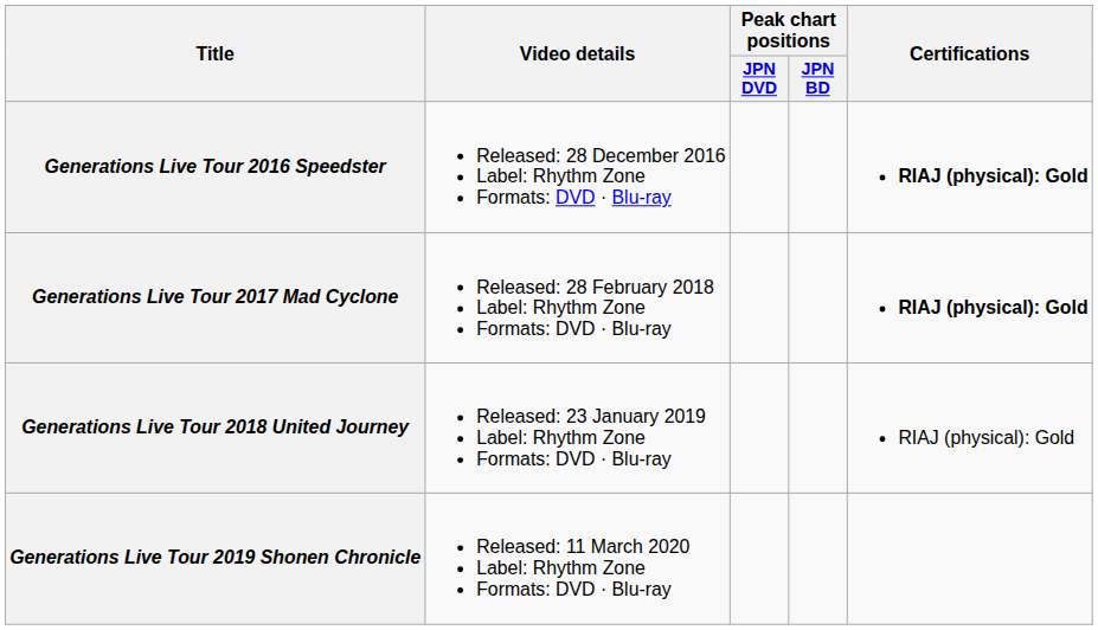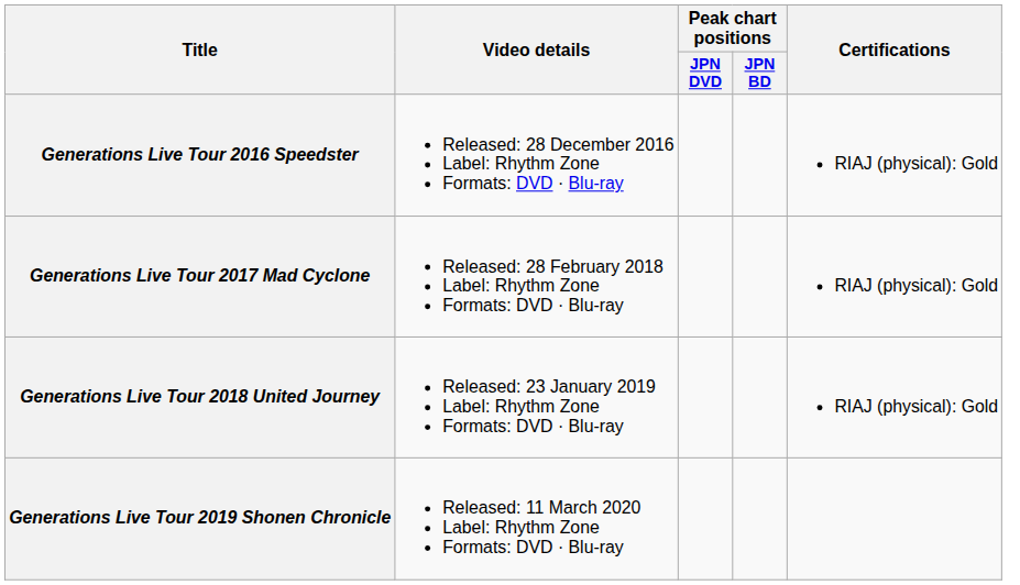 <table class="wikitable plainrowheaders">
 <tr>
 <th scope="col" rowspan="2">Title</th>
 <th scope="col" rowspan="2">Video details</th>
 <th scope="col" colspan="2">Peak chart positions<br></th>
 <th scope="col" rowspan="2">Certifications</th>
 </tr>
 <tr>
 <th scope="col" style="width:3em;font-size:90%;"><a href='#'>JPN DVD</a></th>
 <th scope="col" style="width:3em;font-size:90%;"><a href='#'>JPN BD</a></th>
 </tr>
 <tr>
 <th scope="row"><em>Generations Live Tour 2016 Speedster</em></th>
 <td><br><ul><li>Released: 28 December 2016</li><li>Label: Rhythm Zone</li><li>Formats: <a href='#'>DVD</a> · <a href='#'>Blu-ray</a></li></ul></td>
 <td></td>
 <td></td>
-<td><strong><br><ul><li>RIAJ <span>(physical)</span>: Gold</li></ul></strong></td>
+<td><br><ul><li>RIAJ <span>(physical)</span>: Gold</li></ul></td>
 </tr>
 <tr>
 <th scope="row"><em>Generations Live Tour 2017 Mad Cyclone</em></th>
 <td><br><ul><li>Released: 28 February 2018</li><li>Label: Rhythm Zone</li><li>Formats: DVD · Blu-ray</li></ul></td>
 <td></td>
 <td></td>
-<td><strong><br><ul><li>RIAJ <span>(physical)</span>: Gold</li></ul></strong></td>
+<td><br><ul><li>RIAJ <span>(physical)</span>: Gold</li></ul></td>
 </tr>
 <tr>
 <th scope="row"><em>Generations Live Tour 2018 United Journey</em></th>
 <td><br><ul><li>Released: 23 January 2019</li><li>Label: Rhythm Zone</li><li>Formats: DVD · Blu-ray</li></ul></td>
 <td></td>
 <td></td>
 <td><br><ul><li>RIAJ <span>(physical)</span>: Gold</li></ul></td>
 </tr>
 <tr>
 <th scope="row"><em>Generations Live Tour 2019 Shonen Chronicle</em></th>
 <td><br><ul><li>Released: 11 March 2020</li><li>Label: Rhythm Zone</li><li>Formats: DVD · Blu-ray</li></ul></td>
 <td></td>
 <td></td>
 <td></td>
 </tr>
 </table>
